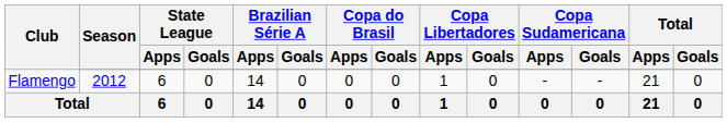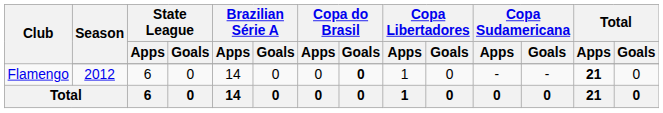 <table class="wikitable" style="text-align: center;">
 <tr>
 <th rowspan="2">Club</th>
 <th rowspan="2">Season</th>
 <th colspan="2">State League</th>
 <th colspan="2"><a href='#'>Brazilian Série A</a></th>
 <th colspan="2"><a href='#'>Copa do Brasil</a></th>
 <th colspan="2"><a href='#'>Copa Libertadores</a></th>
 <th colspan="2"><a href='#'>Copa Sudamericana</a></th>
 <th colspan="2">Total</th>
 </tr>
 <tr>
 <th>Apps</th>
 <th>Goals</th>
 <th>Apps</th>
 <th>Goals</th>
 <th>Apps</th>
 <th>Goals</th>
 <th>Apps</th>
 <th>Goals</th>
 <th>Apps</th>
 <th>Goals</th>
 <th>Apps</th>
 <th>Goals</th>
 </tr>
 <tr>
 <td rowspan="2" valign="center"><a href='#'>Flamengo</a></td>
 </tr>
 <tr>
 <td><a href='#'>2012</a></td>
 <td>6</td>
 <td>0</td>
 <td>14</td>
 <td>0</td>
 <td>0</td>
-<td>0</td>
+<td><strong>0</strong></td>
 <td>1</td>
 <td>0</td>
 <td>-</td>
 <td>-</td>
-<td>21</td>
+<td><strong>21</strong></td>
 <td>0</td>
 </tr>
 <tr>
 <th colspan="2"><strong>Total</strong></th>
 <th>6</th>
 <th>0</th>
 <th>14</th>
 <th>0</th>
 <th>0</th>
 <th>0</th>
 <th>1</th>
 <th>0</th>
 <th>0</th>
 <th>0</th>
 <th>21</th>
 <th>0</th>
 </tr>
 </table>
